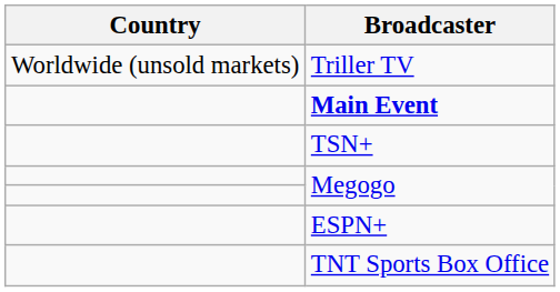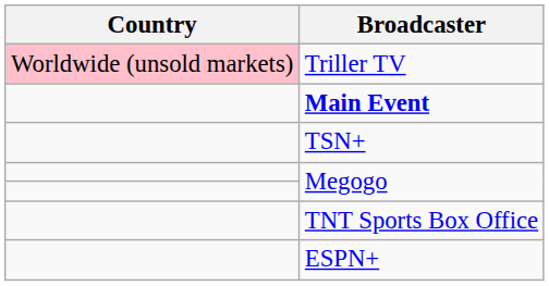 <table class="wikitable">
 <tr>
 <th align=center>Country</th>
 <th align=center>Broadcaster</th>
 </tr>
 <tr>
-<td>Worldwide (unsold markets)</td>
+<td style="background: pink;">Worldwide (unsold markets)</td>
 <td><a href='#'>Triller TV</a></td>
 </tr>
 <tr>
 <td></td>
 <td><strong><a href='#'>Main Event</a></strong></td>
 </tr>
 <tr>
 <td></td>
 <td><a href='#'>TSN+</a></td>
 </tr>
 <tr>
 <td></td>
 <td rowspan="2"><a href='#'>Megogo</a></td>
 </tr>
 <tr>
 <td></td>
 </tr>
 <tr>
 <td></td>
-<td><a href='#'>ESPN+</a></td>
+<td><a href='#'>TNT Sports Box Office</a></td>
 </tr>
 <tr>
 <td></td>
-<td><a href='#'>TNT Sports Box Office</a></td>
+<td><a href='#'>ESPN+</a></td>
 </tr>
 </table>
